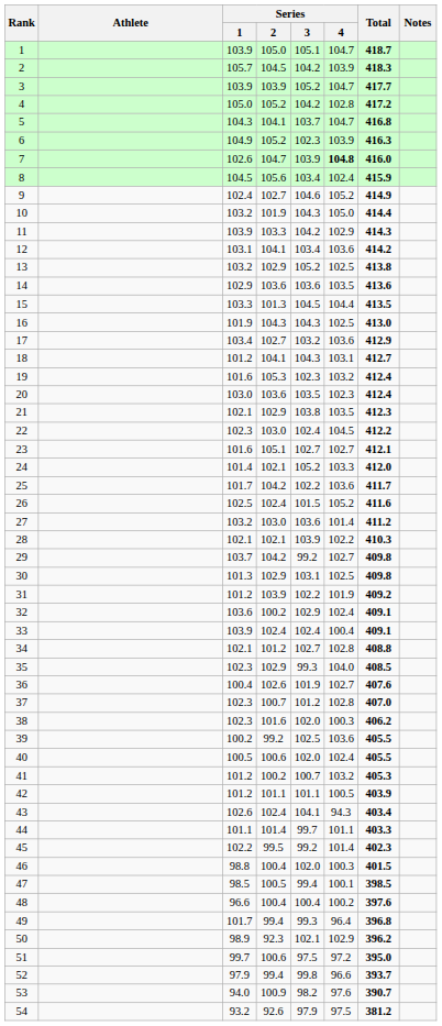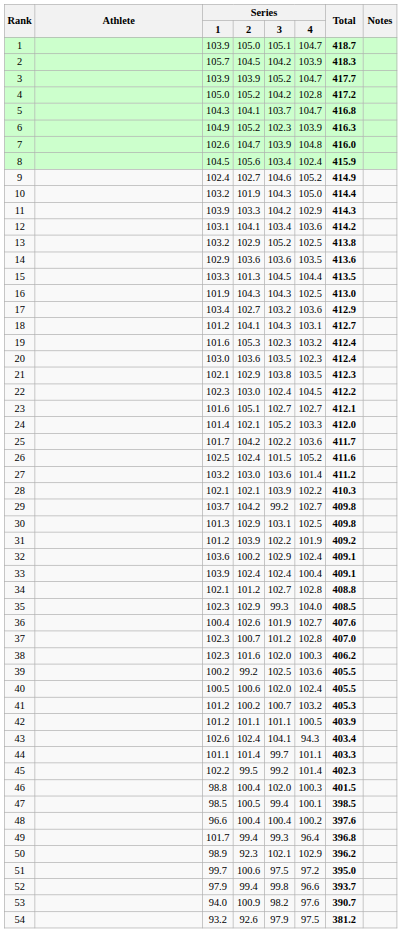 <table class="wikitable" style="text-align:center">
 <tr>
 <th rowspan=2 width=40>Rank</th>
 <th rowspan=2 width=250>Athlete</th>
 <th colspan=4>Series</th>
 <th rowspan=2 width=50>Total</th>
 <th rowspan=2 width=45>Notes</th>
 </tr>
 <tr>
 <th width=40>1</th>
 <th width=40>2</th>
 <th width=40>3</th>
 <th width=40>4</th>
 </tr>
 <tr bgcolor=ccffcc>
 <td>1</td>
 <td align=left></td>
 <td>103.9</td>
 <td>105.0</td>
 <td>105.1</td>
 <td>104.7</td>
 <td><strong>418.7</strong></td>
 <td></td>
 </tr>
 <tr bgcolor=ccffcc>
 <td>2</td>
 <td align=left></td>
 <td>105.7</td>
 <td>104.5</td>
 <td>104.2</td>
 <td>103.9</td>
 <td><strong>418.3</strong></td>
 <td></td>
 </tr>
 <tr bgcolor=ccffcc>
 <td>3</td>
 <td align=left></td>
 <td>103.9</td>
 <td>103.9</td>
 <td>105.2</td>
 <td>104.7</td>
 <td><strong>417.7</strong></td>
 <td></td>
 </tr>
 <tr bgcolor=ccffcc>
 <td>4</td>
 <td align=left></td>
 <td>105.0</td>
 <td>105.2</td>
 <td>104.2</td>
 <td>102.8</td>
 <td><strong>417.2</strong></td>
 <td></td>
 </tr>
 <tr bgcolor=ccffcc>
 <td>5</td>
 <td align=left></td>
 <td>104.3</td>
 <td>104.1</td>
 <td>103.7</td>
 <td>104.7</td>
 <td><strong>416.8</strong></td>
 <td></td>
 </tr>
 <tr bgcolor=ccffcc>
 <td>6</td>
 <td align=left></td>
 <td>104.9</td>
 <td>105.2</td>
 <td>102.3</td>
 <td>103.9</td>
 <td><strong>416.3</strong></td>
 <td></td>
 </tr>
 <tr bgcolor=ccffcc>
 <td>7</td>
 <td align=left></td>
 <td>102.6</td>
 <td>104.7</td>
 <td>103.9</td>
-<td><strong>104.8</strong></td>
+<td>104.8</td>
 <td><strong>416.0</strong></td>
 <td></td>
 </tr>
 <tr bgcolor=ccffcc>
 <td>8</td>
 <td align=left></td>
 <td>104.5</td>
 <td>105.6</td>
 <td>103.4</td>
 <td>102.4</td>
 <td><strong>415.9</strong></td>
 <td></td>
 </tr>
 <tr>
 <td>9</td>
 <td align=left></td>
 <td>102.4</td>
 <td>102.7</td>
 <td>104.6</td>
 <td>105.2</td>
 <td><strong>414.9</strong></td>
 <td></td>
 </tr>
 <tr>
 <td>10</td>
 <td align=left></td>
 <td>103.2</td>
 <td>101.9</td>
 <td>104.3</td>
 <td>105.0</td>
 <td><strong>414.4</strong></td>
 <td></td>
 </tr>
 <tr>
 <td>11</td>
 <td align=left></td>
 <td>103.9</td>
 <td>103.3</td>
 <td>104.2</td>
 <td>102.9</td>
 <td><strong>414.3</strong></td>
 <td></td>
 </tr>
 <tr>
 <td>12</td>
 <td align=left></td>
 <td>103.1</td>
 <td>104.1</td>
 <td>103.4</td>
 <td>103.6</td>
 <td><strong>414.2</strong></td>
 <td></td>
 </tr>
 <tr>
 <td>13</td>
 <td align=left></td>
 <td>103.2</td>
 <td>102.9</td>
 <td>105.2</td>
 <td>102.5</td>
 <td><strong>413.8</strong></td>
 <td></td>
 </tr>
 <tr>
 <td>14</td>
 <td align=left></td>
 <td>102.9</td>
 <td>103.6</td>
 <td>103.6</td>
 <td>103.5</td>
 <td><strong>413.6</strong></td>
 <td></td>
 </tr>
 <tr>
 <td>15</td>
 <td align=left></td>
 <td>103.3</td>
 <td>101.3</td>
 <td>104.5</td>
 <td>104.4</td>
 <td><strong>413.5</strong></td>
 <td></td>
 </tr>
 <tr>
 <td>16</td>
 <td align=left></td>
 <td>101.9</td>
 <td>104.3</td>
 <td>104.3</td>
 <td>102.5</td>
 <td><strong>413.0</strong></td>
 <td></td>
 </tr>
 <tr>
 <td>17</td>
 <td align=left></td>
 <td>103.4</td>
 <td>102.7</td>
 <td>103.2</td>
 <td>103.6</td>
 <td><strong>412.9</strong></td>
 <td></td>
 </tr>
 <tr>
 <td>18</td>
 <td align=left></td>
 <td>101.2</td>
 <td>104.1</td>
 <td>104.3</td>
 <td>103.1</td>
 <td><strong>412.7</strong></td>
 <td></td>
 </tr>
 <tr>
 <td>19</td>
 <td align=left></td>
 <td>101.6</td>
 <td>105.3</td>
 <td>102.3</td>
 <td>103.2</td>
 <td><strong>412.4</strong></td>
 <td></td>
 </tr>
 <tr>
 <td>20</td>
 <td align=left></td>
 <td>103.0</td>
 <td>103.6</td>
 <td>103.5</td>
 <td>102.3</td>
 <td><strong>412.4</strong></td>
 <td></td>
 </tr>
 <tr>
 <td>21</td>
 <td align=left></td>
 <td>102.1</td>
 <td>102.9</td>
 <td>103.8</td>
 <td>103.5</td>
 <td><strong>412.3</strong></td>
 <td></td>
 </tr>
 <tr>
 <td>22</td>
 <td align=left></td>
 <td>102.3</td>
 <td>103.0</td>
 <td>102.4</td>
 <td>104.5</td>
 <td><strong>412.2</strong></td>
 <td></td>
 </tr>
 <tr>
 <td>23</td>
 <td align=left></td>
 <td>101.6</td>
 <td>105.1</td>
 <td>102.7</td>
 <td>102.7</td>
 <td><strong>412.1</strong></td>
 <td></td>
 </tr>
 <tr>
 <td>24</td>
 <td align=left></td>
 <td>101.4</td>
 <td>102.1</td>
 <td>105.2</td>
 <td>103.3</td>
 <td><strong>412.0</strong></td>
 <td></td>
 </tr>
 <tr>
 <td>25</td>
 <td align=left></td>
 <td>101.7</td>
 <td>104.2</td>
 <td>102.2</td>
 <td>103.6</td>
 <td><strong>411.7</strong></td>
 <td></td>
 </tr>
 <tr>
 <td>26</td>
 <td align=left></td>
 <td>102.5</td>
 <td>102.4</td>
 <td>101.5</td>
 <td>105.2</td>
 <td><strong>411.6</strong></td>
 <td></td>
 </tr>
 <tr>
 <td>27</td>
 <td align=left></td>
 <td>103.2</td>
 <td>103.0</td>
 <td>103.6</td>
 <td>101.4</td>
 <td><strong>411.2</strong></td>
 <td></td>
 </tr>
 <tr>
 <td>28</td>
 <td align=left></td>
 <td>102.1</td>
 <td>102.1</td>
 <td>103.9</td>
 <td>102.2</td>
 <td><strong>410.3</strong></td>
 <td></td>
 </tr>
 <tr>
 <td>29</td>
 <td align=left></td>
 <td>103.7</td>
 <td>104.2</td>
 <td>99.2</td>
 <td>102.7</td>
 <td><strong>409.8</strong></td>
 <td></td>
 </tr>
 <tr>
 <td>30</td>
 <td align=left></td>
 <td>101.3</td>
 <td>102.9</td>
 <td>103.1</td>
 <td>102.5</td>
 <td><strong>409.8</strong></td>
 <td></td>
 </tr>
 <tr>
 <td>31</td>
 <td align=left></td>
 <td>101.2</td>
 <td>103.9</td>
 <td>102.2</td>
 <td>101.9</td>
 <td><strong>409.2</strong></td>
 <td></td>
 </tr>
 <tr>
 <td>32</td>
 <td align=left></td>
 <td>103.6</td>
 <td>100.2</td>
 <td>102.9</td>
 <td>102.4</td>
 <td><strong>409.1</strong></td>
 <td></td>
 </tr>
 <tr>
 <td>33</td>
 <td align=left></td>
 <td>103.9</td>
 <td>102.4</td>
 <td>102.4</td>
 <td>100.4</td>
 <td><strong>409.1</strong></td>
 <td></td>
 </tr>
 <tr>
 <td>34</td>
 <td align=left></td>
 <td>102.1</td>
 <td>101.2</td>
 <td>102.7</td>
 <td>102.8</td>
 <td><strong>408.8</strong></td>
 <td></td>
 </tr>
 <tr>
 <td>35</td>
 <td align=left></td>
 <td>102.3</td>
 <td>102.9</td>
 <td>99.3</td>
 <td>104.0</td>
 <td><strong>408.5</strong></td>
 <td></td>
 </tr>
 <tr>
 <td>36</td>
 <td align=left></td>
 <td>100.4</td>
 <td>102.6</td>
 <td>101.9</td>
 <td>102.7</td>
 <td><strong>407.6</strong></td>
 <td></td>
 </tr>
 <tr>
 <td>37</td>
 <td align=left></td>
 <td>102.3</td>
 <td>100.7</td>
 <td>101.2</td>
 <td>102.8</td>
 <td><strong>407.0</strong></td>
 <td></td>
 </tr>
 <tr>
 <td>38</td>
 <td align=left></td>
 <td>102.3</td>
 <td>101.6</td>
 <td>102.0</td>
 <td>100.3</td>
 <td><strong>406.2</strong></td>
 <td></td>
 </tr>
 <tr>
 <td>39</td>
 <td align=left></td>
 <td>100.2</td>
 <td>99.2</td>
 <td>102.5</td>
 <td>103.6</td>
 <td><strong>405.5</strong></td>
 <td></td>
 </tr>
 <tr>
 <td>40</td>
 <td align=left></td>
 <td>100.5</td>
 <td>100.6</td>
 <td>102.0</td>
 <td>102.4</td>
 <td><strong>405.5</strong></td>
 <td></td>
 </tr>
 <tr>
 <td>41</td>
 <td align=left></td>
 <td>101.2</td>
 <td>100.2</td>
 <td>100.7</td>
 <td>103.2</td>
 <td><strong>405.3</strong></td>
 <td></td>
 </tr>
 <tr>
 <td>42</td>
 <td align=left></td>
 <td>101.2</td>
 <td>101.1</td>
 <td>101.1</td>
 <td>100.5</td>
 <td><strong>403.9</strong></td>
 <td></td>
 </tr>
 <tr>
 <td>43</td>
 <td align=left></td>
 <td>102.6</td>
 <td>102.4</td>
 <td>104.1</td>
 <td>94.3</td>
 <td><strong>403.4</strong></td>
 <td></td>
 </tr>
 <tr>
 <td>44</td>
 <td align=left></td>
 <td>101.1</td>
 <td>101.4</td>
 <td>99.7</td>
 <td>101.1</td>
 <td><strong>403.3</strong></td>
 <td></td>
 </tr>
 <tr>
 <td>45</td>
 <td align=left></td>
 <td>102.2</td>
 <td>99.5</td>
 <td>99.2</td>
 <td>101.4</td>
 <td><strong>402.3</strong></td>
 <td></td>
 </tr>
 <tr>
 <td>46</td>
 <td align=left></td>
 <td>98.8</td>
 <td>100.4</td>
 <td>102.0</td>
 <td>100.3</td>
 <td><strong>401.5</strong></td>
 <td></td>
 </tr>
 <tr>
 <td>47</td>
 <td align=left></td>
 <td>98.5</td>
 <td>100.5</td>
 <td>99.4</td>
 <td>100.1</td>
 <td><strong>398.5</strong></td>
 <td></td>
 </tr>
 <tr>
 <td>48</td>
 <td align=left></td>
 <td>96.6</td>
 <td>100.4</td>
 <td>100.4</td>
 <td>100.2</td>
 <td><strong>397.6</strong></td>
 <td></td>
 </tr>
 <tr>
 <td>49</td>
 <td align=left></td>
 <td>101.7</td>
 <td>99.4</td>
 <td>99.3</td>
 <td>96.4</td>
 <td><strong>396.8</strong></td>
 <td></td>
 </tr>
 <tr>
 <td>50</td>
 <td align=left></td>
 <td>98.9</td>
 <td>92.3</td>
 <td>102.1</td>
 <td>102.9</td>
 <td><strong>396.2</strong></td>
 <td></td>
 </tr>
 <tr>
 <td>51</td>
 <td align=left></td>
 <td>99.7</td>
 <td>100.6</td>
 <td>97.5</td>
 <td>97.2</td>
 <td><strong>395.0</strong></td>
 <td></td>
 </tr>
 <tr>
 <td>52</td>
 <td align=left></td>
 <td>97.9</td>
 <td>99.4</td>
 <td>99.8</td>
 <td>96.6</td>
 <td><strong>393.7</strong></td>
 <td></td>
 </tr>
 <tr>
 <td>53</td>
 <td align=left></td>
 <td>94.0</td>
 <td>100.9</td>
 <td>98.2</td>
 <td>97.6</td>
 <td><strong>390.7</strong></td>
 <td></td>
 </tr>
 <tr>
 <td>54</td>
 <td align=left></td>
 <td>93.2</td>
 <td>92.6</td>
 <td>97.9</td>
 <td>97.5</td>
 <td><strong>381.2</strong></td>
 <td></td>
 </tr>
 </table>
